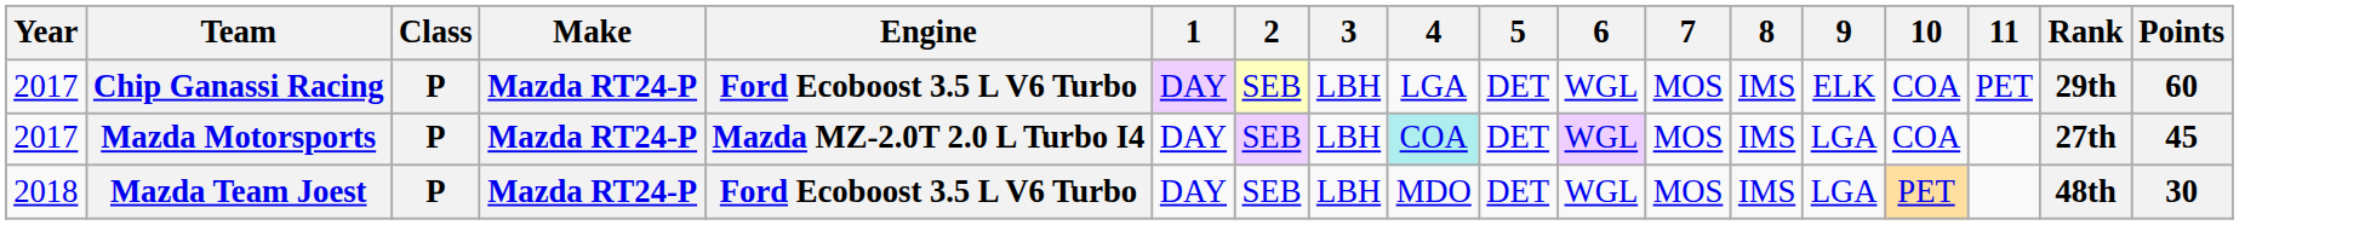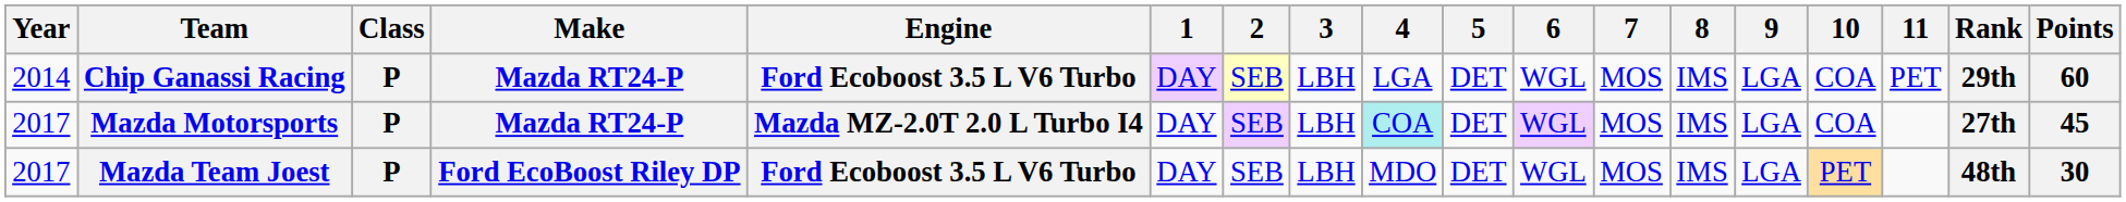 <table class="wikitable" style="text-align:center; font-size:90%">
 <tr>
 <th>Year</th>
 <th>Team</th>
 <th>Class</th>
 <th>Make</th>
 <th>Engine</th>
 <th>1</th>
 <th>2</th>
 <th>3</th>
 <th>4</th>
 <th>5</th>
 <th>6</th>
 <th>7</th>
 <th>8</th>
 <th>9</th>
 <th>10</th>
 <th>11</th>
 <th>Rank</th>
 <th>Points</th>
 </tr>
 <tr>
-<td><a href='#'>2017</a></td>
+<td><a href='#'>2014</a></td>
 <th><a href='#'>Chip Ganassi Racing</a></th>
 <th>P</th>
 <th><a href='#'>Mazda RT24-P</a></th>
 <th><a href='#'>Ford</a> Ecoboost 3.5 L V6 Turbo</th>
 <td style="background:#efcfff;"><a href='#'>DAY</a><br></td>
 <td style="background:#ffffbf;"><a href='#'>SEB</a><br></td>
 <td><a href='#'>LBH</a></td>
 <td><a href='#'>LGA</a></td>
 <td><a href='#'>DET</a></td>
 <td><a href='#'>WGL</a></td>
 <td><a href='#'>MOS</a></td>
 <td><a href='#'>IMS</a></td>
-<td><a href='#'>ELK</a></td>
+<td><a href='#'>LGA</a></td>
 <td><a href='#'>COA</a></td>
 <td><a href='#'>PET</a></td>
 <th>29th</th>
 <th>60</th>
 </tr>
 <tr>
 <td><a href='#'>2017</a></td>
 <th><a href='#'>Mazda Motorsports</a></th>
 <th>P</th>
 <th><a href='#'>Mazda RT24-P</a></th>
 <th><a href='#'>Mazda</a> MZ-2.0T 2.0 L Turbo I4</th>
 <td><a href='#'>DAY</a></td>
 <td style="background:#EFCFFF"><a href='#'>SEB</a> <br></td>
 <td><a href='#'>LBH</a></td>
 <td style="background: paleturquoise;"><a href='#'>COA</a></td>
 <td><a href='#'>DET</a></td>
 <td style="background:#EFCFFF"><a href='#'>WGL</a><br></td>
 <td><a href='#'>MOS</a></td>
 <td><a href='#'>IMS</a></td>
 <td><a href='#'>LGA</a></td>
 <td><a href='#'>COA</a></td>
 <td></td>
 <th>27th</th>
 <th>45</th>
 </tr>
 <tr>
-<td><a href='#'>2018</a></td>
+<td><a href='#'>2017</a></td>
 <th><a href='#'>Mazda Team Joest</a></th>
 <th>P</th>
-<th><a href='#'>Mazda RT24-P</a></th>
+<th><a href='#'>Ford EcoBoost Riley DP</a></th>
 <th><a href='#'>Ford</a> Ecoboost 3.5 L V6 Turbo</th>
 <td><a href='#'>DAY</a></td>
 <td><a href='#'>SEB</a></td>
 <td><a href='#'>LBH</a></td>
 <td><a href='#'>MDO</a></td>
 <td><a href='#'>DET</a></td>
 <td><a href='#'>WGL</a></td>
 <td><a href='#'>MOS</a></td>
 <td><a href='#'>IMS</a></td>
 <td><a href='#'>LGA</a></td>
 <td style="background:#FFDF9F;"><a href='#'>PET</a> <br></td>
 <td></td>
 <th>48th</th>
 <th>30</th>
 </tr>
 </table>
